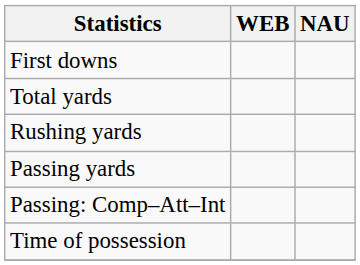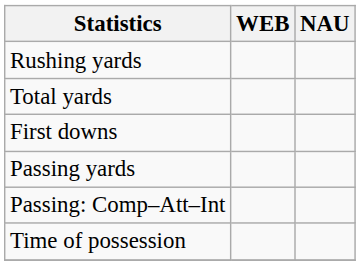 <table class="wikitable" style="float: left;">
 <tr>
 <th>Statistics</th>
 <th>WEB</th>
 <th>NAU</th>
 </tr>
 <tr>
-<td>First downs</td>
+<td>Rushing yards</td>
 <td></td>
 <td></td>
 </tr>
 <tr>
 <td>Total yards</td>
 <td></td>
 <td></td>
 </tr>
 <tr>
-<td>Rushing yards</td>
+<td>First downs</td>
 <td></td>
 <td></td>
 </tr>
 <tr>
 <td>Passing yards</td>
 <td></td>
 <td></td>
 </tr>
 <tr>
 <td>Passing: Comp–Att–Int</td>
 <td></td>
 <td></td>
 </tr>
 <tr>
 <td>Time of possession</td>
 <td></td>
 <td></td>
 </tr>
 <tr>
 </tr>
 </table>
